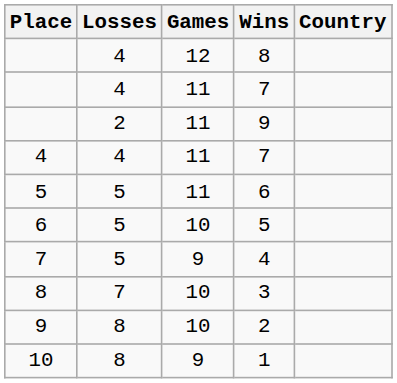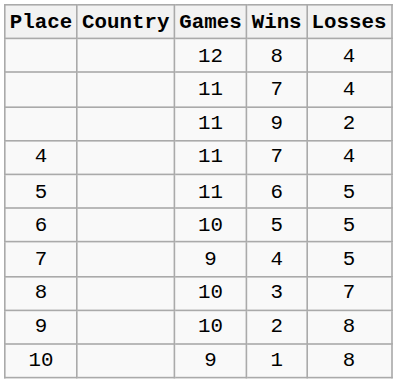 <table class="wikitable" style="text-align:center;">
 <tr>
 <th>Place</th>
-<th>Losses</th>
+<th>Country</th>
 <th>Games</th>
 <th>Wins</th>
-<th>Country</th>
+<th>Losses</th>
 </tr>
 <tr>
 <td></td>
-<td>4</td>
+<td align=left></td>
 <td>12</td>
 <td>8</td>
-<td align=left></td>
+<td>4</td>
 </tr>
 <tr>
 <td></td>
-<td>4</td>
+<td align=left></td>
 <td>11</td>
 <td>7</td>
-<td align=left></td>
+<td>4</td>
 </tr>
 <tr>
 <td></td>
-<td>2</td>
+<td align=left></td>
 <td>11</td>
 <td>9</td>
-<td align=left></td>
+<td>2</td>
 </tr>
 <tr>
 <td>4</td>
-<td>4</td>
+<td align=left></td>
 <td>11</td>
 <td>7</td>
-<td align=left></td>
+<td>4</td>
 </tr>
 <tr>
 <td>5</td>
-<td>5</td>
+<td align=left></td>
 <td>11</td>
 <td>6</td>
-<td align=left></td>
+<td>5</td>
 </tr>
 <tr>
 <td>6</td>
-<td>5</td>
+<td align=left></td>
 <td>10</td>
 <td>5</td>
-<td align=left></td>
+<td>5</td>
 </tr>
 <tr>
 <td>7</td>
-<td>5</td>
+<td align=left></td>
 <td>9</td>
 <td>4</td>
-<td align=left></td>
+<td>5</td>
 </tr>
 <tr>
 <td>8</td>
-<td>7</td>
+<td align=left></td>
 <td>10</td>
 <td>3</td>
-<td align=left></td>
+<td>7</td>
 </tr>
 <tr>
 <td>9</td>
-<td>8</td>
+<td align=left></td>
 <td>10</td>
 <td>2</td>
-<td align=left></td>
+<td>8</td>
 </tr>
 <tr>
 <td>10</td>
-<td>8</td>
+<td align=left></td>
 <td>9</td>
 <td>1</td>
-<td align=left></td>
+<td>8</td>
 </tr>
 </table>
